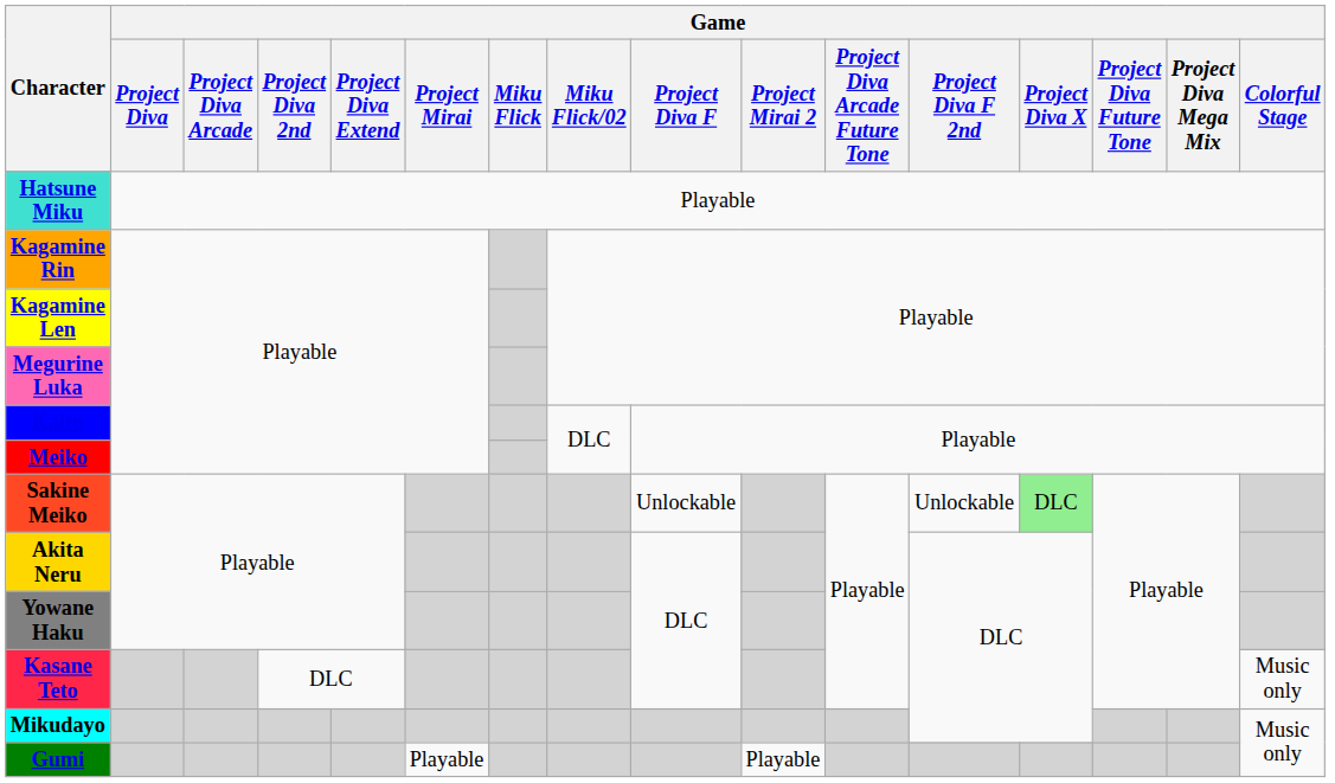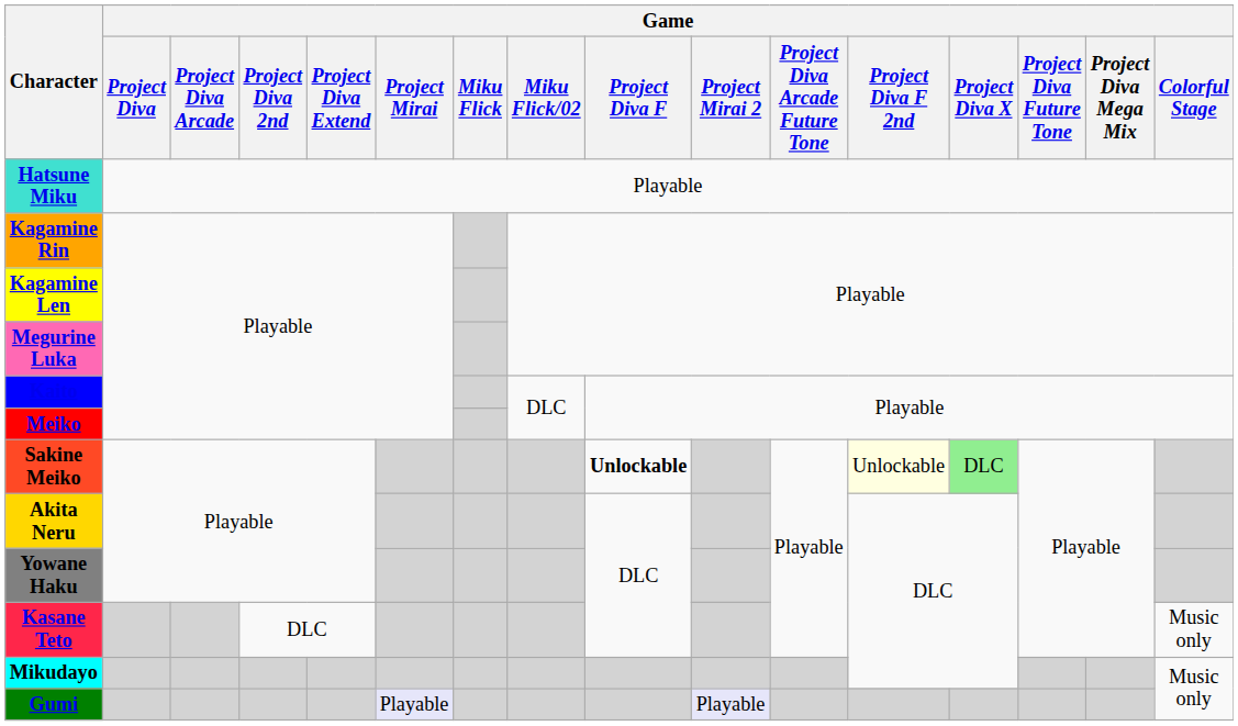 <table class="wikitable" style="text-align:center; width:99%;">
 <tr>
 <th rowspan="2" style="width:15%;">Character</th>
 <th colspan="15" style="text-align:center;">Game</th>
 </tr>
 <tr>
 <th style="text-align:center; width:6%;"><em><a href='#'>Project Diva</a></em></th>
 <th style="text-align:center; width:6%;"><em><a href='#'>Project Diva Arcade</a></em></th>
 <th style="text-align:center; width:6%;"><em><a href='#'>Project Diva 2nd</a></em></th>
 <th style="text-align:center; width:6%;"><em><a href='#'>Project Diva Extend</a></em></th>
 <th style="text-align:center; width:6%;"><em><a href='#'>Project Mirai</a></em></th>
 <th style="text-align:center; width:5%;"><em><a href='#'>Miku Flick</a></em></th>
 <th style="text-align:center; width:5%;"><em><a href='#'>Miku Flick/02</a></em></th>
 <th style="text-align:center; width:6%;"><em><a href='#'>Project Diva F</a></em></th>
 <th style="text-align:center; width:6%;"><em><a href='#'>Project Mirai 2</a></em></th>
 <th style="text-align:center; width:6%;"><em><a href='#'>Project Diva Arcade Future Tone</a></em></th>
 <th style="text-align:center; width:6%;"><em><a href='#'>Project Diva F 2nd</a></em></th>
 <th style="text-align:center; width:6%;"><em><a href='#'>Project Diva X</a></em></th>
 <th style="text-align:center; width:6%;"><em><a href='#'>Project Diva Future Tone</a></em></th>
 <th style="text-align:center; width:6%;"><em>Project Diva Mega Mix</em></th>
 <th style="text-align:center; width:7%;"><em><a href='#'>Colorful Stage</a></em></th>
 </tr>
 <tr>
 <th style="background:turquoise"><a href='#'>Hatsune Miku</a></th>
 <td colspan="15">Playable</td>
 </tr>
 <tr>
 <th style="background:orange"><a href='#'>Kagamine Rin</a></th>
 <td colspan="5" rowspan="5">Playable</td>
 <td style="background:lightgrey;"> </td>
 <td colspan="9" rowspan="3">Playable</td>
 </tr>
 <tr>
 <th style="background:yellow"><a href='#'>Kagamine Len</a></th>
 <td style="background:lightgrey;"> </td>
 </tr>
 <tr>
 <th style="background:hotpink"><a href='#'>Megurine Luka</a></th>
 <td style="background:lightgrey;"> </td>
 </tr>
 <tr>
 <th style="background:blue"><a href='#'>Kaito</a></th>
 <td style="background:lightgrey;"> </td>
 <td rowspan="2">DLC</td>
 <td colspan="8" rowspan="2">Playable</td>
 </tr>
 <tr>
 <th style="background:red"><a href='#'>Meiko</a></th>
 <td style="background:lightgrey;"> </td>
 </tr>
 <tr>
 <th style="background:#ff4925">Sakine Meiko</th>
 <td colspan="4" rowspan="3">Playable</td>
 <td style="background:lightgrey;"> </td>
 <td style="background:lightgrey;"> </td>
 <td style="background:lightgrey;"> </td>
-<td>Unlockable</td>
+<td><strong>Unlockable</strong></td>
 <td style="background:lightgrey;"> </td>
 <td colspan="1" rowspan="4">Playable</td>
-<td colspan="1">Unlockable</td>
+<td colspan="1" style="background: lightyellow;">Unlockable</td>
 <td colspan="1" style="background: lightgreen;">DLC</td>
 <td colspan="2" rowspan="4">Playable</td>
 <td style="background:lightgrey;"> </td>
 </tr>
 <tr>
 <th style="background:gold">Akita Neru</th>
 <td style="background:lightgrey;"> </td>
 <td style="background:lightgrey;"> </td>
 <td style="background:lightgrey;"> </td>
 <td rowspan="3">DLC</td>
 <td style="background:lightgrey;"> </td>
 <td colspan="2" rowspan="4">DLC</td>
 <td style="background:lightgrey;"> </td>
 </tr>
 <tr>
 <th style="background:grey">Yowane Haku</th>
 <td style="background:lightgrey;"> </td>
 <td style="background:lightgrey;"> </td>
 <td style="background:lightgrey;"> </td>
 <td style="background:lightgrey;"> </td>
 <td style="background:lightgrey;"> </td>
 </tr>
 <tr>
 <th style="background:#ff264a"><a href='#'>Kasane Teto</a></th>
 <td style="background:lightgrey;"> </td>
 <td style="background:lightgrey;"> </td>
 <td colspan="2">DLC</td>
 <td style="background:lightgrey;"> </td>
 <td style="background:lightgrey;"> </td>
 <td style="background:lightgrey;"> </td>
 <td style="background:lightgray;"> </td>
 <td colspan="2">Music only</td>
 </tr>
 <tr>
 <th style="background:cyan">Mikudayo</th>
 <td style="background:lightgrey;"> </td>
 <td style="background:lightgrey;"> </td>
 <td style="background:lightgrey;"> </td>
 <td style="background:lightgrey;"> </td>
 <td style="background:lightgrey;"> </td>
 <td style="background:lightgrey;"> </td>
 <td style="background:lightgrey;"> </td>
 <td style="background:lightgrey;"> </td>
 <td style="background:lightgrey;"> </td>
 <td style="background:lightgrey;"> </td>
 <td style="background:lightgrey;"> </td>
 <td style="background:lightgrey;"> </td>
 <td rowspan="2">Music only</td>
 </tr>
 <tr>
 <th style="background:green"><a href='#'>Gumi</a></th>
 <td style="background:lightgrey;"> </td>
 <td style="background:lightgrey;"> </td>
 <td style="background:lightgrey;"> </td>
 <td style="background:lightgrey;"> </td>
-<td>Playable</td>
+<td style="background: lavender;">Playable</td>
 <td style="background:lightgrey;"> </td>
 <td style="background:lightgrey;"> </td>
 <td style="background:lightgrey;"> </td>
-<td>Playable</td>
+<td style="background: lavender;">Playable</td>
 <td style="background:lightgrey;"> </td>
 <td style="background:lightgrey;"> </td>
 <td style="background:lightgrey;"> </td>
 <td style="background:lightgrey;"> </td>
 <td style="background:lightgrey;"> </td>
 </tr>
 </table>
